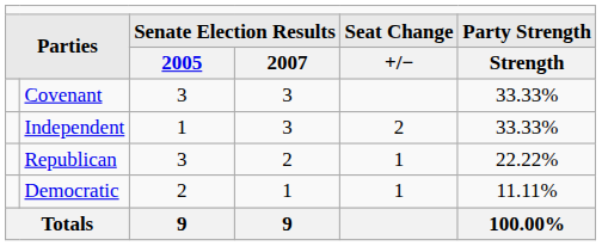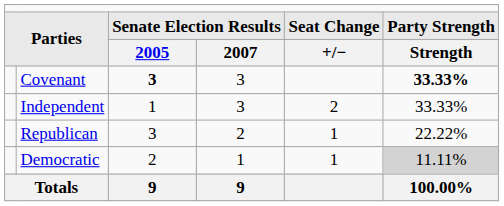 <table class   ="wikitable">
 <tr>
 <td colspan="6"></td>
 </tr>
 <tr>
 <th style   ="background:#e9e9e9; text-align:center" rowspan="2" colspan="2">Parties</th>
 <th style   ="background:#e9e9e9; text-align:center" colspan="2">Senate Election Results</th>
 <th style   ="background:#e9e9e9; text-align:center" colspan="1">Seat Change</th>
 <th style   ="background:#e9e9e9; text-align:center" colspan="1">Party Strength</th>
 </tr>
 <tr style ="background:#e9e9e9">
 <th><a href='#'>2005</a></th>
 <th>2007</th>
 <th>+/−</th>
 <th>Strength</th>
 </tr>
 <tr>
 <td style="background-color:"> </td>
 <td><a href='#'>Covenant</a></td>
-<td align = center>3</td>
+<td align = center><strong>3</strong></td>
 <td align = center>3</td>
 <td align = center></td>
-<td align = center>33.33%</td>
+<td align = center><strong>33.33%</strong></td>
 </tr>
 <tr>
 <td style="background-color:"> </td>
 <td><a href='#'>Independent</a></td>
 <td align = center>1</td>
 <td align = center>3</td>
 <td align = center>2 </td>
 <td align = center>33.33%</td>
 </tr>
 <tr>
 <td style="background-color:"> </td>
 <td><a href='#'>Republican</a></td>
 <td align = center>3</td>
 <td align = center>2</td>
 <td align = center>1 </td>
 <td align = center>22.22%</td>
 </tr>
 <tr>
 <td style="background-color:"> </td>
 <td><a href='#'>Democratic</a></td>
 <td align = center>2</td>
 <td align = center>1</td>
 <td align = center>1 </td>
-<td align = center>11.11%</td>
+<td align = center style="background: lightgrey;">11.11%</td>
 </tr>
 <tr style = "background:#ccc">
 <th colspan = "2">Totals</th>
 <th>9</th>
 <th>9</th>
 <th></th>
 <th>100.00%</th>
 </tr>
 </table>
